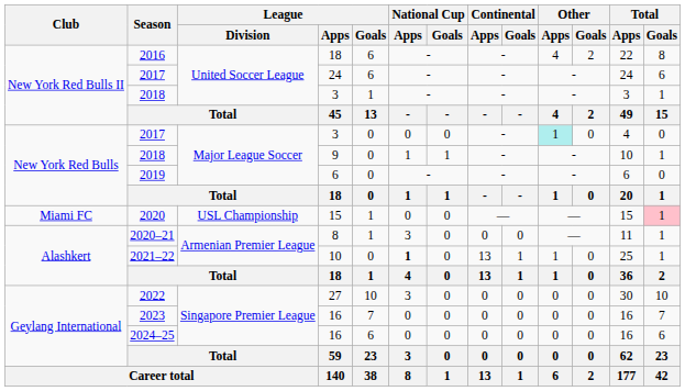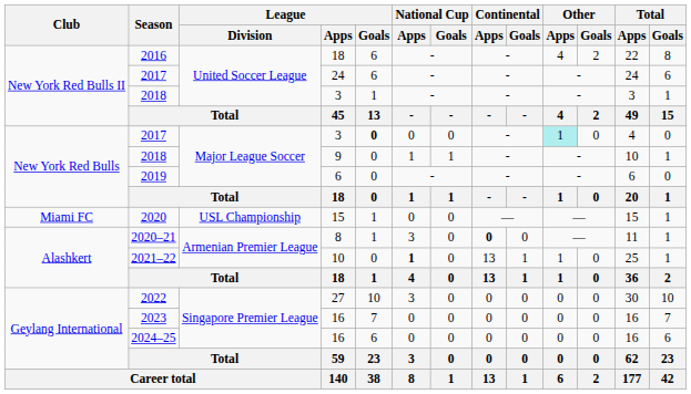 <table class="wikitable" style="text-align:center">
 <tr>
 <th rowspan="2">Club</th>
 <th rowspan="2">Season</th>
 <th colspan="3">League</th>
 <th colspan="2">National Cup</th>
 <th colspan="2">Continental</th>
 <th colspan="2">Other</th>
 <th colspan="2">Total</th>
 </tr>
 <tr>
 <th>Division</th>
 <th>Apps</th>
 <th>Goals</th>
 <th>Apps</th>
 <th>Goals</th>
 <th>Apps</th>
 <th>Goals</th>
 <th>Apps</th>
 <th>Goals</th>
 <th>Apps</th>
 <th>Goals</th>
 </tr>
 <tr>
 <td rowspan="4"><a href='#'>New York Red Bulls II</a></td>
 <td><a href='#'>2016</a></td>
 <td rowspan="3"><a href='#'>United Soccer League</a></td>
 <td>18</td>
 <td>6</td>
 <td colspan="2">-</td>
 <td colspan="2">-</td>
 <td>4</td>
 <td>2</td>
 <td>22</td>
 <td>8</td>
 </tr>
 <tr>
 <td><a href='#'>2017</a></td>
 <td>24</td>
 <td>6</td>
 <td colspan="2">-</td>
 <td colspan="2">-</td>
 <td colspan="2">-</td>
 <td>24</td>
 <td>6</td>
 </tr>
 <tr>
 <td><a href='#'>2018</a></td>
 <td>3</td>
 <td>1</td>
 <td colspan="2">-</td>
 <td colspan="2">-</td>
 <td colspan="2">-</td>
 <td>3</td>
 <td>1</td>
 </tr>
 <tr>
 <th colspan="2">Total</th>
 <th>45</th>
 <th>13</th>
 <th>-</th>
 <th>-</th>
 <th>-</th>
 <th>-</th>
 <th>4</th>
 <th>2</th>
 <th>49</th>
 <th>15</th>
 </tr>
 <tr>
 <td rowspan="4"><a href='#'>New York Red Bulls</a></td>
 <td><a href='#'>2017</a></td>
 <td rowspan="3"><a href='#'>Major League Soccer</a></td>
 <td>3</td>
-<td>0</td>
+<td><strong>0</strong></td>
 <td>0</td>
 <td>0</td>
 <td colspan="2">-</td>
 <td style="background: paleturquoise;">1</td>
 <td>0</td>
 <td>4</td>
 <td>0</td>
 </tr>
 <tr>
 <td><a href='#'>2018</a></td>
 <td>9</td>
 <td>0</td>
 <td>1</td>
 <td>1</td>
 <td colspan="2">-</td>
 <td colspan="2">-</td>
 <td>10</td>
 <td>1</td>
 </tr>
 <tr>
 <td><a href='#'>2019</a></td>
 <td>6</td>
 <td>0</td>
 <td colspan="2">-</td>
 <td colspan="2">-</td>
 <td colspan="2">-</td>
 <td>6</td>
 <td>0</td>
 </tr>
 <tr>
 <th colspan="2">Total</th>
 <th>18</th>
 <th>0</th>
 <th>1</th>
 <th>1</th>
 <th>-</th>
 <th>-</th>
 <th>1</th>
 <th>0</th>
 <th>20</th>
 <th>1</th>
 </tr>
 <tr>
 <td><a href='#'>Miami FC</a></td>
 <td><a href='#'>2020</a></td>
 <td><a href='#'>USL Championship</a></td>
 <td>15</td>
 <td>1</td>
 <td>0</td>
 <td>0</td>
 <td colspan="2">—</td>
 <td colspan="2">—</td>
 <td>15</td>
-<td style="background: pink;">1</td>
+<td>1</td>
 </tr>
 <tr>
 <td rowspan="3"><a href='#'>Alashkert</a></td>
 <td><a href='#'>2020–21</a></td>
 <td rowspan="2"><a href='#'>Armenian Premier League</a></td>
 <td>8</td>
 <td>1</td>
 <td>3</td>
 <td>0</td>
-<td>0</td>
+<td><strong>0</strong></td>
 <td>0</td>
 <td colspan="2">—</td>
 <td>11</td>
 <td>1</td>
 </tr>
 <tr>
 <td><a href='#'>2021–22</a></td>
 <td>10</td>
 <td>0</td>
 <td><strong>1</strong></td>
 <td>0</td>
 <td>13</td>
 <td>1</td>
 <td>1</td>
 <td>0</td>
 <td>25</td>
 <td>1</td>
 </tr>
 <tr>
 <th colspan="2">Total</th>
 <th>18</th>
 <th>1</th>
 <th>4</th>
 <th>0</th>
 <th>13</th>
 <th>1</th>
 <th>1</th>
 <th>0</th>
 <th>36</th>
 <th>2</th>
 </tr>
 <tr>
 <td rowspan="4"><a href='#'>Geylang International</a></td>
 <td><a href='#'>2022</a></td>
 <td rowspan="3"><a href='#'>Singapore Premier League</a></td>
 <td>27</td>
 <td>10</td>
 <td>3</td>
 <td>0</td>
 <td>0</td>
 <td>0</td>
 <td>0</td>
 <td>0</td>
 <td>30</td>
 <td>10</td>
 </tr>
 <tr>
 <td><a href='#'>2023</a></td>
 <td>16</td>
 <td>7</td>
 <td>0</td>
 <td>0</td>
 <td>0</td>
 <td>0</td>
 <td>0</td>
 <td>0</td>
 <td>16</td>
 <td>7</td>
 </tr>
 <tr>
 <td><a href='#'>2024–25</a></td>
 <td>16</td>
 <td>6</td>
 <td>0</td>
 <td>0</td>
 <td>0</td>
 <td>0</td>
 <td>0</td>
 <td>0</td>
 <td>16</td>
 <td>6</td>
 </tr>
 <tr>
 <th colspan=2>Total</th>
 <th>59</th>
 <th>23</th>
 <th>3</th>
 <th>0</th>
 <th>0</th>
 <th>0</th>
 <th>0</th>
 <th>0</th>
 <th>62</th>
 <th>23</th>
 </tr>
 <tr>
 <th colspan="3">Career total</th>
 <th>140</th>
 <th>38</th>
 <th>8</th>
 <th>1</th>
 <th>13</th>
 <th>1</th>
 <th>6</th>
 <th>2</th>
 <th>177</th>
 <th>42</th>
 </tr>
 </table>
